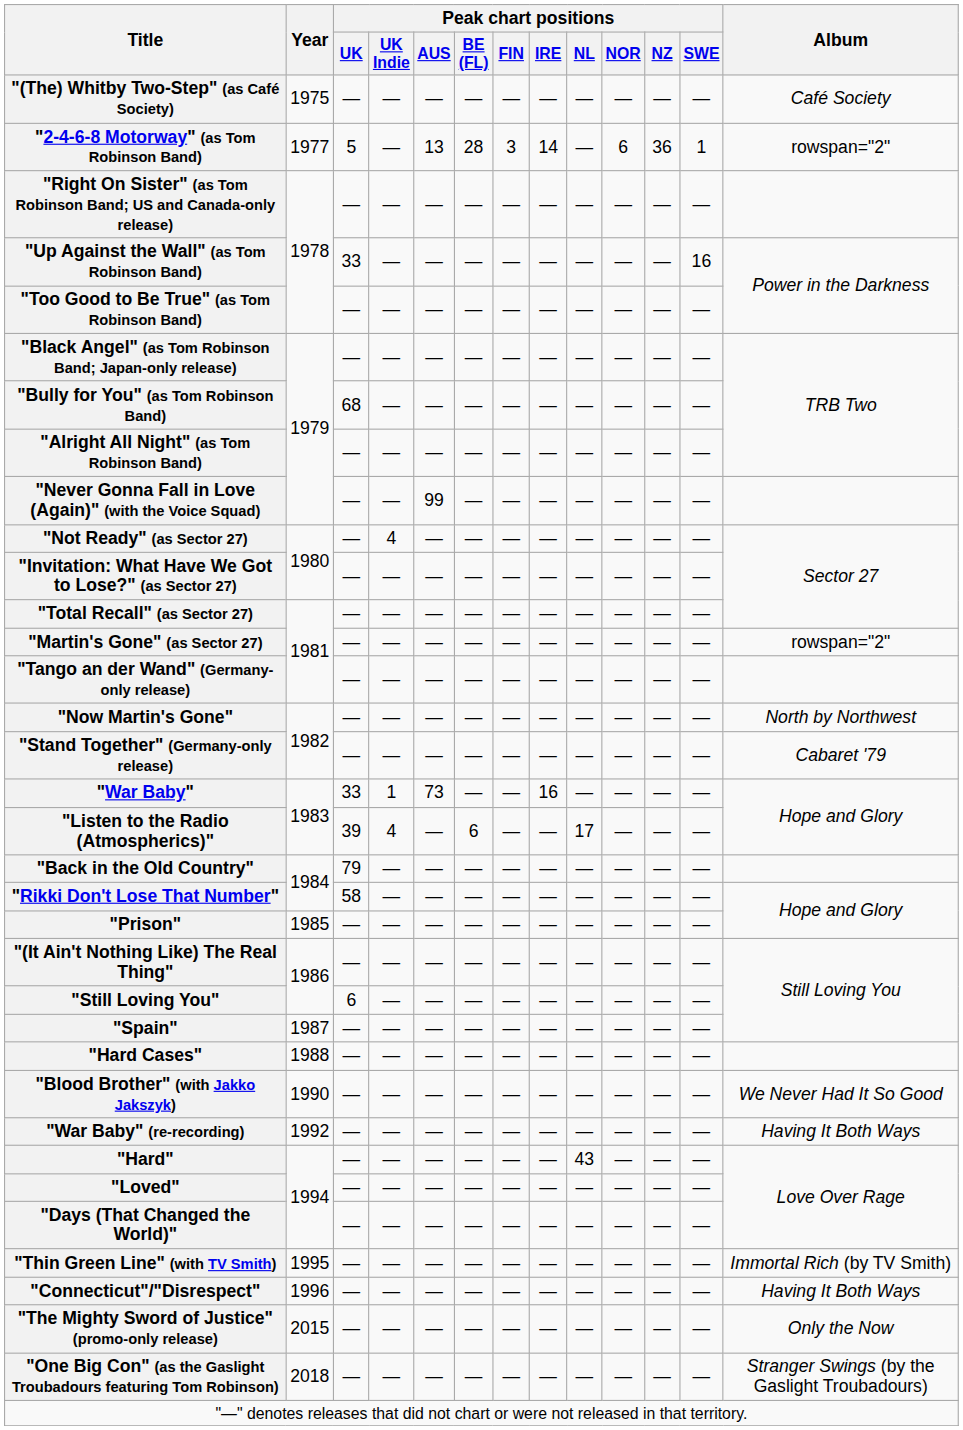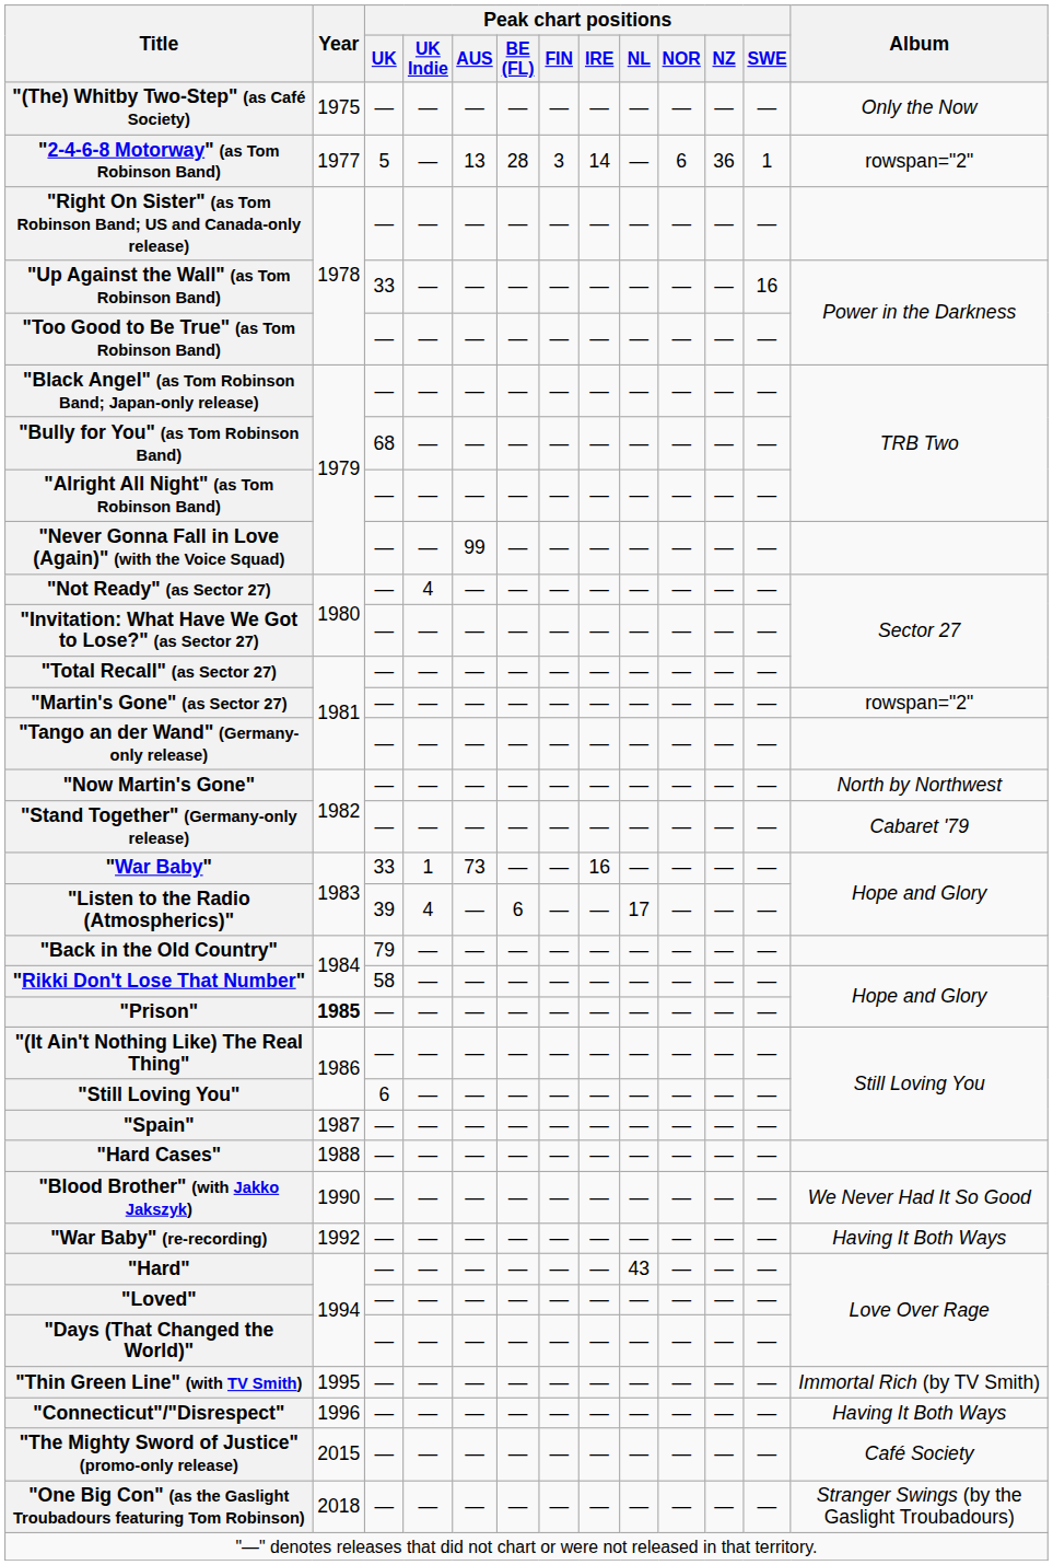 <table class="wikitable plainrowheaders" style="text-align:center;">
 <tr>
 <th rowspan="2" scope="col" style="width:17em;">Title</th>
 <th rowspan="2" scope="col" style="width:2em;">Year</th>
 <th colspan="10">Peak chart positions</th>
 <th rowspan="2" style="width:17em;">Album</th>
 </tr>
 <tr>
 <th scope="col" style="width:2em;font-size:90%;"><a href='#'>UK</a><br></th>
 <th scope="col" style="width:2em;font-size:90%;"><a href='#'>UK Indie</a><br></th>
 <th scope="col" style="width:2em;font-size:90%;"><a href='#'>AUS</a><br></th>
 <th scope="col" style="width:2em;font-size:90%;"><a href='#'>BE (FL)</a><br></th>
 <th scope="col" style="width:2em;font-size:90%;"><a href='#'>FIN</a><br></th>
 <th scope="col" style="width:2em;font-size:90%;"><a href='#'>IRE</a><br></th>
 <th scope="col" style="width:2em;font-size:90%;"><a href='#'>NL</a><br></th>
 <th scope="col" style="width:2em;font-size:90%;"><a href='#'>NOR</a><br></th>
 <th scope="col" style="width:2em;font-size:90%;"><a href='#'>NZ</a><br></th>
 <th scope="col" style="width:2em;font-size:90%;"><a href='#'>SWE</a><br></th>
 </tr>
 <tr>
 <th scope="row">"(The) Whitby Two-Step" <small>(as Café Society)</small></th>
 <td>1975</td>
 <td>—</td>
 <td>—</td>
 <td>—</td>
 <td>—</td>
 <td>—</td>
 <td>—</td>
 <td>—</td>
 <td>—</td>
 <td>—</td>
 <td>—</td>
-<td><em>Café Society</em></td>
+<td><em>Only the Now</em></td>
 </tr>
 <tr>
 <th scope="row">"<a href='#'>2-4-6-8 Motorway</a>" <small>(as Tom Robinson Band)</small></th>
 <td>1977</td>
 <td>5</td>
 <td>—</td>
 <td>13</td>
 <td>28</td>
 <td>3</td>
 <td>14</td>
 <td>—</td>
 <td>6</td>
 <td>36</td>
 <td>1</td>
 <td>rowspan="2" </td>
 </tr>
 <tr>
 <th scope="row">"Right On Sister" <small>(as Tom Robinson Band; US and Canada-only release)</small></th>
 <td rowspan="3">1978</td>
 <td>—</td>
 <td>—</td>
 <td>—</td>
 <td>—</td>
 <td>—</td>
 <td>—</td>
 <td>—</td>
 <td>—</td>
 <td>—</td>
 <td>—</td>
 </tr>
 <tr>
 <th scope="row">"Up Against the Wall" <small>(as Tom Robinson Band)</small></th>
 <td>33</td>
 <td>—</td>
 <td>—</td>
 <td>—</td>
 <td>—</td>
 <td>—</td>
 <td>—</td>
 <td>—</td>
 <td>—</td>
 <td>16</td>
 <td rowspan="2"><em>Power in the Darkness</em></td>
 </tr>
 <tr>
 <th scope="row">"Too Good to Be True" <small>(as Tom Robinson Band)</small></th>
 <td>—</td>
 <td>—</td>
 <td>—</td>
 <td>—</td>
 <td>—</td>
 <td>—</td>
 <td>—</td>
 <td>—</td>
 <td>—</td>
 <td>—</td>
 </tr>
 <tr>
 <th scope="row">"Black Angel" <small>(as Tom Robinson Band; Japan-only release)</small></th>
 <td rowspan="4">1979</td>
 <td>—</td>
 <td>—</td>
 <td>—</td>
 <td>—</td>
 <td>—</td>
 <td>—</td>
 <td>—</td>
 <td>—</td>
 <td>—</td>
 <td>—</td>
 <td rowspan="3"><em>TRB Two</em></td>
 </tr>
 <tr>
 <th scope="row">"Bully for You" <small>(as Tom Robinson Band)</small></th>
 <td>68</td>
 <td>—</td>
 <td>—</td>
 <td>—</td>
 <td>—</td>
 <td>—</td>
 <td>—</td>
 <td>—</td>
 <td>—</td>
 <td>—</td>
 </tr>
 <tr>
 <th scope="row">"Alright All Night" <small>(as Tom Robinson Band)</small></th>
 <td>—</td>
 <td>—</td>
 <td>—</td>
 <td>—</td>
 <td>—</td>
 <td>—</td>
 <td>—</td>
 <td>—</td>
 <td>—</td>
 <td>—</td>
 </tr>
 <tr>
 <th scope="row">"Never Gonna Fall in Love (Again)" <small>(with the Voice Squad)</small></th>
 <td>—</td>
 <td>—</td>
 <td>99</td>
 <td>—</td>
 <td>—</td>
 <td>—</td>
 <td>—</td>
 <td>—</td>
 <td>—</td>
 <td>—</td>
 <td></td>
 </tr>
 <tr>
 <th scope="row">"Not Ready" <small>(as Sector 27)</small></th>
 <td rowspan="2">1980</td>
 <td>—</td>
 <td>4</td>
 <td>—</td>
 <td>—</td>
 <td>—</td>
 <td>—</td>
 <td>—</td>
 <td>—</td>
 <td>—</td>
 <td>—</td>
 <td rowspan="3"><em>Sector 27</em></td>
 </tr>
 <tr>
 <th scope="row">"Invitation: What Have We Got to Lose?" <small>(as Sector 27)</small></th>
 <td>—</td>
 <td>—</td>
 <td>—</td>
 <td>—</td>
 <td>—</td>
 <td>—</td>
 <td>—</td>
 <td>—</td>
 <td>—</td>
 <td>—</td>
 </tr>
 <tr>
 <th scope="row">"Total Recall" <small>(as Sector 27)</small></th>
 <td rowspan="3">1981</td>
 <td>—</td>
 <td>—</td>
 <td>—</td>
 <td>—</td>
 <td>—</td>
 <td>—</td>
 <td>—</td>
 <td>—</td>
 <td>—</td>
 <td>—</td>
 </tr>
 <tr>
 <th scope="row">"Martin's Gone" <small>(as Sector 27)</small></th>
 <td>—</td>
 <td>—</td>
 <td>—</td>
 <td>—</td>
 <td>—</td>
 <td>—</td>
 <td>—</td>
 <td>—</td>
 <td>—</td>
 <td>—</td>
 <td>rowspan="2" </td>
 </tr>
 <tr>
 <th scope="row">"Tango an der Wand" <small>(Germany-only release)</small></th>
 <td>—</td>
 <td>—</td>
 <td>—</td>
 <td>—</td>
 <td>—</td>
 <td>—</td>
 <td>—</td>
 <td>—</td>
 <td>—</td>
 <td>—</td>
 </tr>
 <tr>
 <th scope="row">"Now Martin's Gone"</th>
 <td rowspan="2">1982</td>
 <td>—</td>
 <td>—</td>
 <td>—</td>
 <td>—</td>
 <td>—</td>
 <td>—</td>
 <td>—</td>
 <td>—</td>
 <td>—</td>
 <td>—</td>
 <td><em>North by Northwest</em></td>
 </tr>
 <tr>
 <th scope="row">"Stand Together" <small>(Germany-only release)</small></th>
 <td>—</td>
 <td>—</td>
 <td>—</td>
 <td>—</td>
 <td>—</td>
 <td>—</td>
 <td>—</td>
 <td>—</td>
 <td>—</td>
 <td>—</td>
 <td><em>Cabaret '79</em></td>
 </tr>
 <tr>
 <th scope="row">"<a href='#'>War Baby</a>"</th>
 <td rowspan="2">1983</td>
 <td>33</td>
 <td>1</td>
 <td>73</td>
 <td>—</td>
 <td>—</td>
 <td>16</td>
 <td>—</td>
 <td>—</td>
 <td>—</td>
 <td>—</td>
 <td rowspan="2"><em>Hope and Glory</em></td>
 </tr>
 <tr>
 <th scope="row">"Listen to the Radio (Atmospherics)"</th>
 <td>39</td>
 <td>4</td>
 <td>—</td>
 <td>6</td>
 <td>—</td>
 <td>—</td>
 <td>17</td>
 <td>—</td>
 <td>—</td>
 <td>—</td>
 </tr>
 <tr>
 <th scope="row">"Back in the Old Country"</th>
 <td rowspan="2">1984</td>
 <td>79</td>
 <td>—</td>
 <td>—</td>
 <td>—</td>
 <td>—</td>
 <td>—</td>
 <td>—</td>
 <td>—</td>
 <td>—</td>
 <td>—</td>
 <td></td>
 </tr>
 <tr>
 <th scope="row">"<a href='#'>Rikki Don't Lose That Number</a>"</th>
 <td>58</td>
 <td>—</td>
 <td>—</td>
 <td>—</td>
 <td>—</td>
 <td>—</td>
 <td>—</td>
 <td>—</td>
 <td>—</td>
 <td>—</td>
 <td rowspan="2"><em>Hope and Glory</em></td>
 </tr>
 <tr>
 <th scope="row">"Prison"</th>
-<td>1985</td>
+<td><strong>1985</strong></td>
 <td>—</td>
 <td>—</td>
 <td>—</td>
 <td>—</td>
 <td>—</td>
 <td>—</td>
 <td>—</td>
 <td>—</td>
 <td>—</td>
 <td>—</td>
 </tr>
 <tr>
 <th scope="row">"(It Ain't Nothing Like) The Real Thing"</th>
 <td rowspan="2">1986</td>
 <td>—</td>
 <td>—</td>
 <td>—</td>
 <td>—</td>
 <td>—</td>
 <td>—</td>
 <td>—</td>
 <td>—</td>
 <td>—</td>
 <td>—</td>
 <td rowspan="3"><em>Still Loving You</em></td>
 </tr>
 <tr>
 <th scope="row">"Still Loving You"</th>
 <td>6</td>
 <td>—</td>
 <td>—</td>
 <td>—</td>
 <td>—</td>
 <td>—</td>
 <td>—</td>
 <td>—</td>
 <td>—</td>
 <td>—</td>
 </tr>
 <tr>
 <th scope="row">"Spain"</th>
 <td>1987</td>
 <td>—</td>
 <td>—</td>
 <td>—</td>
 <td>—</td>
 <td>—</td>
 <td>—</td>
 <td>—</td>
 <td>—</td>
 <td>—</td>
 <td>—</td>
 </tr>
 <tr>
 <th scope="row">"Hard Cases"</th>
 <td>1988</td>
 <td>—</td>
 <td>—</td>
 <td>—</td>
 <td>—</td>
 <td>—</td>
 <td>—</td>
 <td>—</td>
 <td>—</td>
 <td>—</td>
 <td>—</td>
 <td></td>
 </tr>
 <tr>
 <th scope="row">"Blood Brother" <small>(with <a href='#'>Jakko Jakszyk</a>)</small></th>
 <td>1990</td>
 <td>—</td>
 <td>—</td>
 <td>—</td>
 <td>—</td>
 <td>—</td>
 <td>—</td>
 <td>—</td>
 <td>—</td>
 <td>—</td>
 <td>—</td>
 <td><em>We Never Had It So Good</em></td>
 </tr>
 <tr>
 <th scope="row">"War Baby" <small>(re-recording)</small></th>
 <td>1992</td>
 <td>—</td>
 <td>—</td>
 <td>—</td>
 <td>—</td>
 <td>—</td>
 <td>—</td>
 <td>—</td>
 <td>—</td>
 <td>—</td>
 <td>—</td>
 <td><em>Having It Both Ways</em></td>
 </tr>
 <tr>
 <th scope="row">"Hard"</th>
 <td rowspan="3">1994</td>
 <td>—</td>
 <td>—</td>
 <td>—</td>
 <td>—</td>
 <td>—</td>
 <td>—</td>
 <td>43</td>
 <td>—</td>
 <td>—</td>
 <td>—</td>
 <td rowspan="3"><em>Love Over Rage</em></td>
 </tr>
 <tr>
 <th scope="row">"Loved"</th>
 <td>—</td>
 <td>—</td>
 <td>—</td>
 <td>—</td>
 <td>—</td>
 <td>—</td>
 <td>—</td>
 <td>—</td>
 <td>—</td>
 <td>—</td>
 </tr>
 <tr>
 <th scope="row">"Days (That Changed the World)"</th>
 <td>—</td>
 <td>—</td>
 <td>—</td>
 <td>—</td>
 <td>—</td>
 <td>—</td>
 <td>—</td>
 <td>—</td>
 <td>—</td>
 <td>—</td>
 </tr>
 <tr>
 <th scope="row">"Thin Green Line" <small>(with <a href='#'>TV Smith</a>)</small></th>
 <td>1995</td>
 <td>—</td>
 <td>—</td>
 <td>—</td>
 <td>—</td>
 <td>—</td>
 <td>—</td>
 <td>—</td>
 <td>—</td>
 <td>—</td>
 <td>—</td>
 <td><em>Immortal Rich</em> (by TV Smith)</td>
 </tr>
 <tr>
 <th scope="row">"Connecticut"/"Disrespect"</th>
 <td>1996</td>
 <td>—</td>
 <td>—</td>
 <td>—</td>
 <td>—</td>
 <td>—</td>
 <td>—</td>
 <td>—</td>
 <td>—</td>
 <td>—</td>
 <td>—</td>
 <td><em>Having It Both Ways</em></td>
 </tr>
 <tr>
 <th scope="row">"The Mighty Sword of Justice" <small>(promo-only release)</small></th>
 <td>2015</td>
 <td>—</td>
 <td>—</td>
 <td>—</td>
 <td>—</td>
 <td>—</td>
 <td>—</td>
 <td>—</td>
 <td>—</td>
 <td>—</td>
 <td>—</td>
-<td><em>Only the Now</em></td>
+<td><em>Café Society</em></td>
 </tr>
 <tr>
 <th scope="row">"One Big Con" <small>(as the Gaslight Troubadours featuring Tom Robinson)</small></th>
 <td>2018</td>
 <td>—</td>
 <td>—</td>
 <td>—</td>
 <td>—</td>
 <td>—</td>
 <td>—</td>
 <td>—</td>
 <td>—</td>
 <td>—</td>
 <td>—</td>
 <td><em>Stranger Swings</em> (by the Gaslight Troubadours)</td>
 </tr>
 <tr>
 <td colspan="13" style="font-size:90%">"—" denotes releases that did not chart or were not released in that territory.</td>
 </tr>
 </table>
